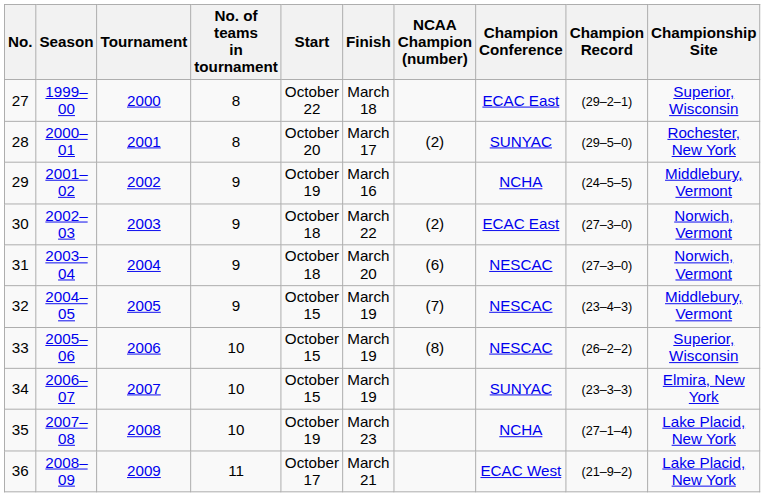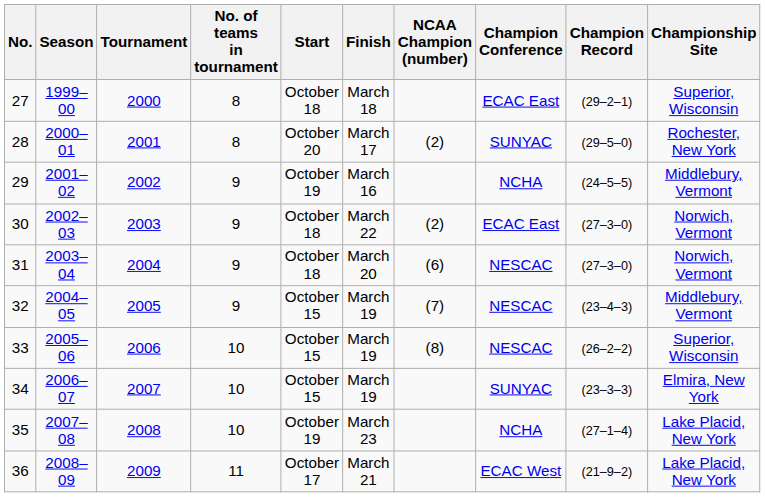 <table class="wikitable">
 <tr>
 <th style="width:3em">No.</th>
 <th style="width:6em">Season</th>
 <th style="width:6em">Tournament</th>
 <th style="width:9em">No. of teams<br>in tournament</th>
 <th style="width:8em">Start</th>
 <th style="width:8em">Finish</th>
 <th style="width:17em">NCAA Champion<br>(number)</th>
 <th style="width:7em">Champion<br>Conference</th>
 <th style="width:7em">Champion<br>Record</th>
 <th style="width:15em">Championship Site</th>
 </tr>
 <tr style="text-align:center;">
 <td>27</td>
 <td><a href='#'>1999–00</a></td>
 <td><a href='#'>2000</a></td>
 <td>8</td>
-<td>October 22</td>
+<td>October 18</td>
 <td>March 18</td>
 <td align=center><strong><a href='#'></a></strong></td>
 <td><a href='#'>ECAC East</a></td>
 <td><small>(29–2–1)</small></td>
 <td><a href='#'>Superior, Wisconsin</a></td>
 </tr>
 <tr style="text-align:center;">
 <td>28</td>
 <td><a href='#'>2000–01</a></td>
 <td><a href='#'>2001</a></td>
 <td>8</td>
 <td>October 20</td>
 <td>March 17</td>
 <td align=center><strong><a href='#'></a></strong> (2)</td>
 <td><a href='#'>SUNYAC</a></td>
 <td><small>(29–5–0)</small></td>
 <td><a href='#'>Rochester, New York</a></td>
 </tr>
 <tr style="text-align:center;">
 <td>29</td>
 <td><a href='#'>2001–02</a></td>
 <td><a href='#'>2002</a></td>
 <td>9</td>
 <td>October 19</td>
 <td>March 16</td>
 <td align=center><strong><a href='#'></a></strong></td>
 <td><a href='#'>NCHA</a></td>
 <td><small>(24–5–5)</small></td>
 <td><a href='#'>Middlebury, Vermont</a></td>
 </tr>
 <tr style="text-align:center;">
 <td>30</td>
 <td><a href='#'>2002–03</a></td>
 <td><a href='#'>2003</a></td>
 <td>9</td>
 <td>October 18</td>
 <td>March 22</td>
 <td align=center><strong><a href='#'></a></strong> (2)</td>
 <td><a href='#'>ECAC East</a></td>
 <td><small>(27–3–0)</small></td>
 <td><a href='#'>Norwich, Vermont</a></td>
 </tr>
 <tr style="text-align:center;">
 <td>31</td>
 <td><a href='#'>2003–04</a></td>
 <td><a href='#'>2004</a></td>
 <td>9</td>
 <td>October 18</td>
 <td>March 20</td>
 <td align=center><strong><a href='#'></a></strong> (6)</td>
 <td><a href='#'>NESCAC</a></td>
 <td><small>(27–3–0)</small></td>
 <td><a href='#'>Norwich, Vermont</a></td>
 </tr>
 <tr style="text-align:center;">
 <td>32</td>
 <td><a href='#'>2004–05</a></td>
 <td><a href='#'>2005</a></td>
 <td>9</td>
 <td>October 15</td>
 <td>March 19</td>
 <td align=center><strong><a href='#'></a></strong> (7)</td>
 <td><a href='#'>NESCAC</a></td>
 <td><small>(23–4–3)</small></td>
 <td><a href='#'>Middlebury, Vermont</a></td>
 </tr>
 <tr style="text-align:center;">
 <td>33</td>
 <td><a href='#'>2005–06</a></td>
 <td><a href='#'>2006</a></td>
 <td>10</td>
 <td>October 15</td>
 <td>March 19</td>
 <td align=center><strong><a href='#'></a></strong> (8)</td>
 <td><a href='#'>NESCAC</a></td>
 <td><small>(26–2–2)</small></td>
 <td><a href='#'>Superior, Wisconsin</a></td>
 </tr>
 <tr style="text-align:center;">
 <td>34</td>
 <td><a href='#'>2006–07</a></td>
 <td><a href='#'>2007</a></td>
 <td>10</td>
 <td>October 15</td>
 <td>March 19</td>
 <td align=center><strong><a href='#'></a></strong></td>
 <td><a href='#'>SUNYAC</a></td>
 <td><small>(23–3–3)</small></td>
 <td><a href='#'>Elmira, New York</a></td>
 </tr>
 <tr style="text-align:center;">
 <td>35</td>
 <td><a href='#'>2007–08</a></td>
 <td><a href='#'>2008</a></td>
 <td>10</td>
 <td>October 19</td>
 <td>March 23</td>
 <td align=center><strong><a href='#'></a></strong></td>
 <td><a href='#'>NCHA</a></td>
 <td><small>(27–1–4)</small></td>
 <td><a href='#'>Lake Placid, New York</a></td>
 </tr>
 <tr style="text-align:center;">
 <td>36</td>
 <td><a href='#'>2008–09</a></td>
 <td><a href='#'>2009</a></td>
 <td>11</td>
 <td>October 17</td>
 <td>March 21</td>
 <td align=center><strong><a href='#'></a></strong></td>
 <td><a href='#'>ECAC West</a></td>
 <td><small>(21–9–2)</small></td>
 <td><a href='#'>Lake Placid, New York</a></td>
 </tr>
 </table>
